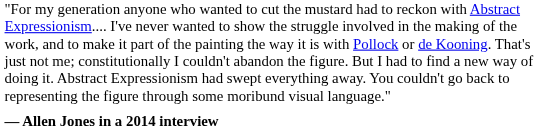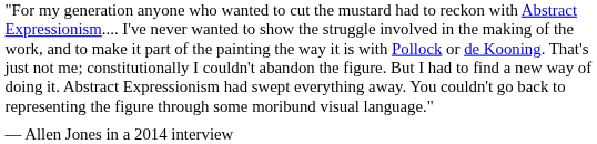 <table class="toccolours" style="float: left; margin-left: 0em; margin-right: 2em; font-size: 85%; background:offwhite; color:black; width:40em; max-width: 40%;" cellspacing="5">
 <tr>
 <td style="text-align: left;">"For my generation anyone who wanted to cut the mustard had to reckon with <a href='#'>Abstract Expressionism</a>.... I've never wanted to show the struggle involved in the making of the work, and to make it part of the painting the way it is with <a href='#'>Pollock</a> or <a href='#'>de Kooning</a>. That's just not me; constitutionally I couldn't abandon the figure. But I had to find a new way of doing it. Abstract Expressionism had swept everything away. You couldn't go back to representing the figure through some moribund visual language."</td>
 </tr>
 <tr>
-<td style="text-align: left;"><strong>— Allen Jones in a 2014 interview</strong></td>
+<td style="text-align: left;">— Allen Jones in a 2014 interview</td>
 </tr>
 </table>
